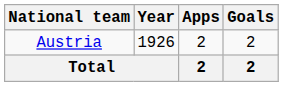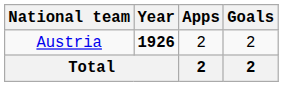 <table class=wikitable style=text-align:center>
 <tr>
 <th>National team</th>
 <th>Year</th>
 <th>Apps</th>
 <th>Goals</th>
 </tr>
 <tr>
 <td rowspan="1"><a href='#'>Austria</a></td>
-<td>1926</td>
+<td><strong>1926</strong></td>
 <td>2</td>
 <td>2</td>
 </tr>
 <tr>
 <th colspan="2">Total</th>
 <th>2</th>
 <th>2</th>
 </tr>
 </table>
